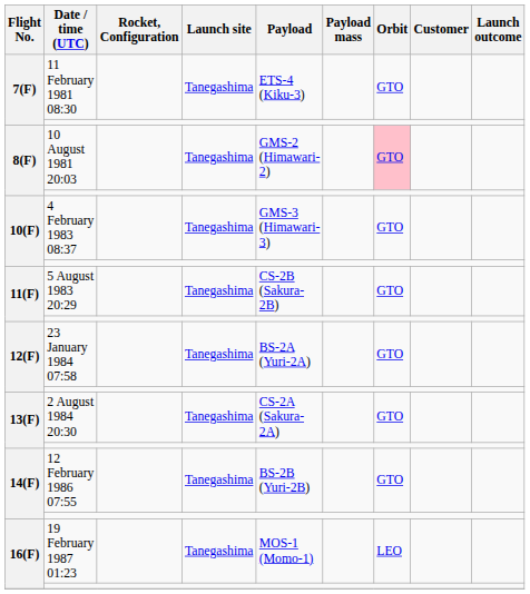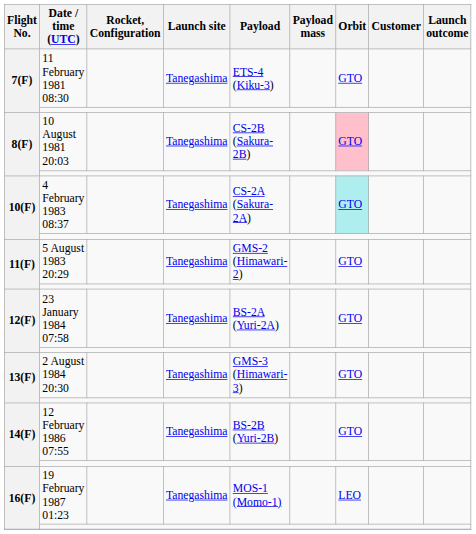 <table class="wikitable plainrowheaders">
 <tr>
 <th scope="col">Flight No.</th>
 <th scope="col">Date / time (<a href='#'>UTC</a>)</th>
 <th scope="col">Rocket, <br> Configuration</th>
 <th scope="col">Launch site</th>
 <th scope="col">Payload</th>
 <th scope="col">Payload mass</th>
 <th scope="col">Orbit</th>
 <th scope="col">Customer</th>
 <th scope="col">Launch <br> outcome</th>
 </tr>
 <tr>
 <th scope="row" rowspan=2 style="text-align:center;">7(F)</th>
 <td>11 February 1981<br>08:30</td>
 <td></td>
 <td><a href='#'>Tanegashima</a></td>
 <td><a href='#'>ETS-4</a> (<a href='#'>Kiku-3</a>)</td>
 <td></td>
 <td><a href='#'>GTO</a></td>
 <td></td>
 <td></td>
 </tr>
 <tr>
 <td colspan="8"></td>
 </tr>
 <tr>
 <th scope="row" rowspan=2 style="text-align:center;">8(F)</th>
 <td>10 August 1981<br>20:03</td>
 <td></td>
 <td><a href='#'>Tanegashima</a></td>
-<td><a href='#'>GMS-2</a> (<a href='#'>Himawari-2</a>)</td>
+<td><a href='#'>CS-2B</a> (<a href='#'>Sakura-2B</a>)</td>
 <td></td>
 <td style="background: pink;"><a href='#'>GTO</a></td>
 <td></td>
 <td></td>
 </tr>
 <tr>
 <td colspan="8"></td>
 </tr>
 <tr>
 <th scope="row" rowspan=2 style="text-align:center;">10(F)</th>
 <td>4 February 1983<br>08:37</td>
 <td></td>
 <td><a href='#'>Tanegashima</a></td>
-<td><a href='#'>GMS-3</a> (<a href='#'>Himawari-3</a>)</td>
+<td><a href='#'>CS-2A</a> (<a href='#'>Sakura-2A</a>)</td>
 <td></td>
-<td><a href='#'>GTO</a></td>
+<td style="background: paleturquoise;"><a href='#'>GTO</a></td>
 <td></td>
 <td></td>
 </tr>
 <tr>
 <td colspan="8"></td>
 </tr>
 <tr>
 <th scope="row" rowspan=2 style="text-align:center;">11(F)</th>
 <td>5 August 1983<br>20:29</td>
 <td></td>
 <td><a href='#'>Tanegashima</a></td>
-<td><a href='#'>CS-2B</a> (<a href='#'>Sakura-2B</a>)</td>
+<td><a href='#'>GMS-2</a> (<a href='#'>Himawari-2</a>)</td>
 <td></td>
 <td><a href='#'>GTO</a></td>
 <td></td>
 <td></td>
 </tr>
 <tr>
 <td colspan="8"></td>
 </tr>
 <tr>
 <th scope="row" rowspan=2 style="text-align:center;">12(F)</th>
 <td>23 January 1984<br>07:58</td>
 <td></td>
 <td><a href='#'>Tanegashima</a></td>
 <td><a href='#'>BS-2A</a> (<a href='#'>Yuri-2A</a>)</td>
 <td></td>
 <td><a href='#'>GTO</a></td>
 <td></td>
 <td></td>
 </tr>
 <tr>
 <td colspan="8"></td>
 </tr>
 <tr>
 <th scope="row" rowspan=2 style="text-align:center;">13(F)</th>
 <td>2 August 1984<br>20:30</td>
 <td></td>
 <td><a href='#'>Tanegashima</a></td>
-<td><a href='#'>CS-2A</a> (<a href='#'>Sakura-2A</a>)</td>
+<td><a href='#'>GMS-3</a> (<a href='#'>Himawari-3</a>)</td>
 <td></td>
 <td><a href='#'>GTO</a></td>
 <td></td>
 <td></td>
 </tr>
 <tr>
 <td colspan="8"></td>
 </tr>
 <tr>
 <th scope="row" rowspan=2 style="text-align:center;">14(F)</th>
 <td>12 February 1986<br>07:55</td>
 <td></td>
 <td><a href='#'>Tanegashima</a></td>
 <td><a href='#'>BS-2B</a> (<a href='#'>Yuri-2B</a>)</td>
 <td></td>
 <td><a href='#'>GTO</a></td>
 <td></td>
 <td></td>
 </tr>
 <tr>
 <td colspan="8"></td>
 </tr>
 <tr>
 <th scope="row" rowspan=2 style="text-align:center;">16(F)</th>
 <td>19 February 1987<br>01:23</td>
 <td></td>
 <td><a href='#'>Tanegashima</a></td>
 <td><a href='#'>MOS-1 (Momo-1)</a></td>
 <td></td>
 <td><a href='#'>LEO</a></td>
 <td></td>
 <td></td>
 </tr>
 <tr>
 <td colspan="8"></td>
 </tr>
 <tr>
 </tr>
 </table>
